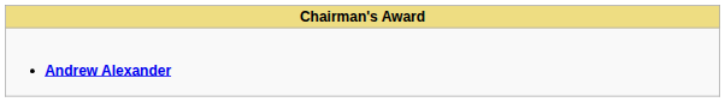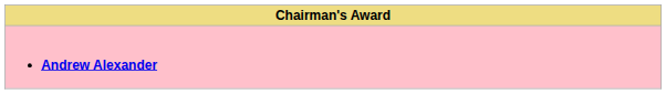 <table class="wikitable" style="width:50%;">
 <tr>
 <th style="background:#EEDD82; width:50%">Chairman's Award</th>
 </tr>
 <tr>
-<td valign="top"><br><ul><li> <strong><a href='#'>Andrew Alexander</a></strong></li></ul></td>
+<td valign="top" style="background: pink;"><br><ul><li> <strong><a href='#'>Andrew Alexander</a></strong></li></ul></td>
 </tr>
 </table>
